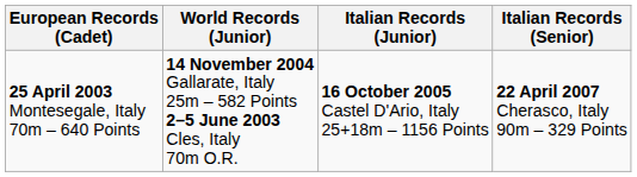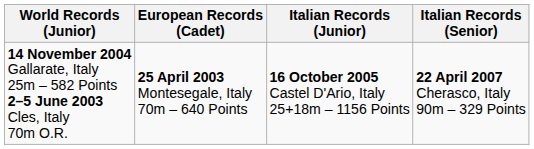 <table class="wikitable">
 <tr>
+<th>World Records<br>(Junior)</th>
 <th>European Records<br>(Cadet)</th>
-<th>World Records<br>(Junior)</th>
 <th>Italian Records<br>(Junior)</th>
 <th>Italian Records<br>(Senior)</th>
 </tr>
 <tr>
+<td><strong>14 November 2004</strong><br>Gallarate, Italy<br>25m – 582 Points<br><strong>2–5 June 2003</strong><br>Cles, Italy<br>70m O.R.</td>
 <td><strong>25 April 2003</strong><br>Montesegale, Italy<br>70m – 640 Points</td>
-<td><strong>14 November 2004</strong><br>Gallarate, Italy<br>25m – 582 Points<br><strong>2–5 June 2003</strong><br>Cles, Italy<br>70m O.R.</td>
 <td><strong>16 October 2005</strong><br>Castel D'Ario, Italy<br>25+18m – 1156 Points</td>
 <td><strong>22 April 2007</strong><br>Cherasco, Italy<br>90m – 329 Points</td>
 </tr>
 </table>
